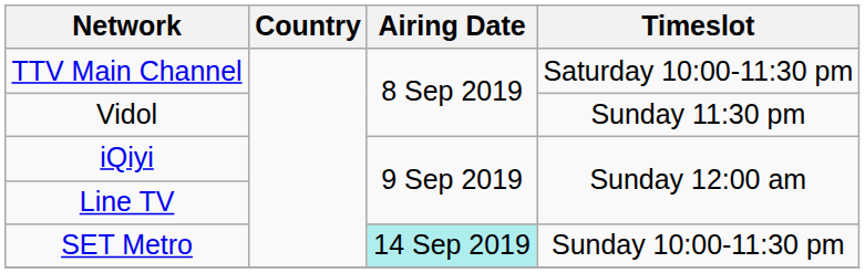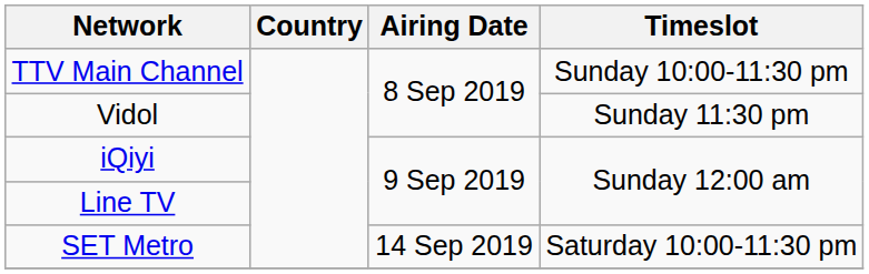 <table class="wikitable" style="text-align:center">
 <tr>
 <th>Network</th>
 <th>Country</th>
 <th>Airing Date</th>
 <th>Timeslot</th>
 </tr>
 <tr>
 <td style="text-align: center;"><a href='#'>TTV Main Channel</a></td>
 <td rowspan="5"></td>
 <td rowspan="2" style="text-align: center;">8 Sep 2019</td>
-<td style="text-align: center;">Saturday 10:00-11:30 pm</td>
+<td style="text-align: center;">Sunday 10:00-11:30 pm</td>
 </tr>
 <tr>
 <td style="text-align: center;">Vidol</td>
 <td style="text-align: center;">Sunday 11:30 pm</td>
 </tr>
 <tr>
 <td style="text-align: center;"><a href='#'>iQiyi</a></td>
 <td rowspan="2" style="text-align: center;">9 Sep 2019</td>
 <td rowspan="2" style="text-align: center;">Sunday 12:00 am</td>
 </tr>
 <tr>
 <td><a href='#'>Line TV</a></td>
 </tr>
 <tr>
 <td style="text-align: center;"><a href='#'>SET Metro</a></td>
-<td style="background: paleturquoise; text-align: center;">14 Sep 2019</td>
-<td style="text-align: center;">Sunday 10:00-11:30 pm</td>
+<td style="text-align: center;">14 Sep 2019</td>
+<td style="text-align: center;">Saturday 10:00-11:30 pm</td>
 </tr>
 <tr>
 </tr>
 </table>
